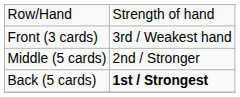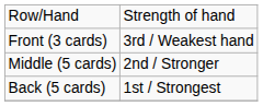 <table class="wikitable">
 <tr>
 <td>Row/Hand</td>
 <td>Strength of hand</td>
 </tr>
 <tr>
 <td>Front (3 cards)</td>
 <td>3rd / Weakest hand</td>
 </tr>
 <tr>
 <td>Middle (5 cards)</td>
 <td>2nd / Stronger</td>
 </tr>
 <tr>
 <td>Back (5 cards)</td>
-<td><strong>1st / Strongest</strong></td>
+<td>1st / Strongest</td>
 </tr>
 <tr>
 </tr>
 </table>
